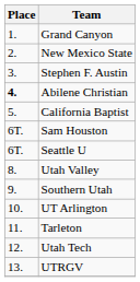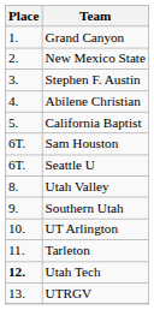 <table class="wikitable">
 <tr>
 <th>Place</th>
 <th>Team</th>
 </tr>
 <tr>
 <td>1.</td>
 <td ! style=>Grand Canyon</td>
 </tr>
 <tr>
 <td>2.</td>
 <td ! style=>New Mexico State</td>
 </tr>
 <tr>
 <td>3.</td>
 <td ! style=>Stephen F. Austin</td>
 </tr>
 <tr>
-<td><strong>4.</strong></td>
+<td>4.</td>
 <td ! style=>Abilene Christian</td>
 </tr>
 <tr>
 <td>5.</td>
 <td ! style=>California Baptist</td>
 </tr>
 <tr>
 <td>6T.</td>
 <td ! style=>Sam Houston</td>
 </tr>
 <tr>
 <td>6T.</td>
 <td ! style=>Seattle U</td>
 </tr>
 <tr>
 <td>8.</td>
 <td ! style=>Utah Valley</td>
 </tr>
 <tr>
 <td>9.</td>
 <td ! style=>Southern Utah</td>
 </tr>
 <tr>
 <td>10.</td>
 <td ! style=>UT Arlington</td>
 </tr>
 <tr>
 <td>11.</td>
 <td ! style=>Tarleton</td>
 </tr>
 <tr>
-<td>12.</td>
+<td><strong>12.</strong></td>
 <td ! style=>Utah Tech</td>
 </tr>
 <tr>
 <td>13.</td>
 <td ! style=>UTRGV</td>
 </tr>
 <tr>
 </tr>
 </table>
